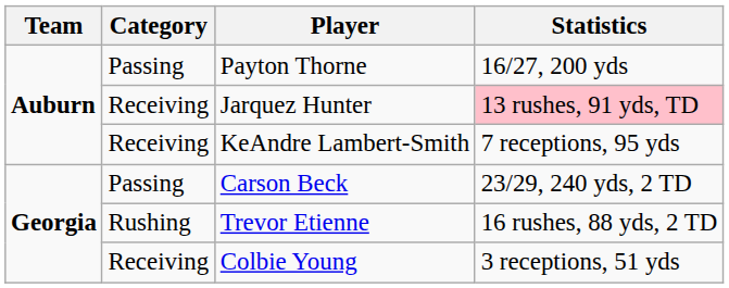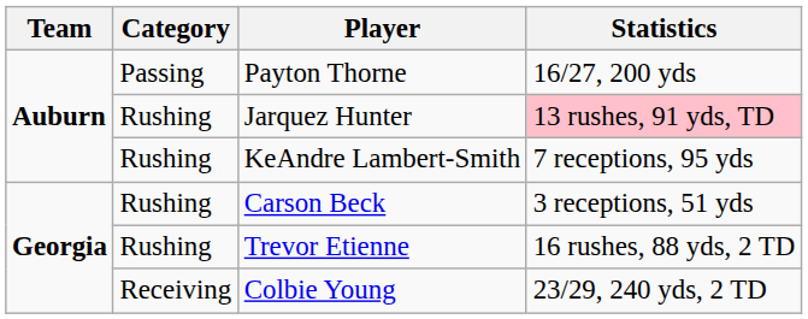 <table class="wikitable" style="float: right;">
 <tr>
 <th>Team</th>
 <th>Category</th>
 <th>Player</th>
 <th>Statistics</th>
 </tr>
 <tr>
 <td rowspan=3><strong>Auburn</strong></td>
 <td>Passing</td>
 <td>Payton Thorne</td>
 <td>16/27, 200 yds</td>
 </tr>
 <tr>
-<td>Receiving</td>
+<td>Rushing</td>
 <td>Jarquez Hunter</td>
 <td style="background: pink;">13 rushes, 91 yds, TD</td>
 </tr>
 <tr>
-<td>Receiving</td>
+<td>Rushing</td>
 <td>KeAndre Lambert-Smith</td>
 <td>7 receptions, 95 yds</td>
 </tr>
 <tr>
 <td rowspan=3><strong>Georgia</strong></td>
-<td>Passing</td>
+<td>Rushing</td>
 <td><a href='#'>Carson Beck</a></td>
-<td>23/29, 240 yds, 2 TD</td>
+<td>3 receptions, 51 yds</td>
 </tr>
 <tr>
 <td>Rushing</td>
 <td><a href='#'>Trevor Etienne</a></td>
 <td>16 rushes, 88 yds, 2 TD</td>
 </tr>
 <tr>
 <td>Receiving</td>
 <td><a href='#'>Colbie Young</a></td>
-<td>3 receptions, 51 yds</td>
+<td>23/29, 240 yds, 2 TD</td>
 </tr>
 </table>
